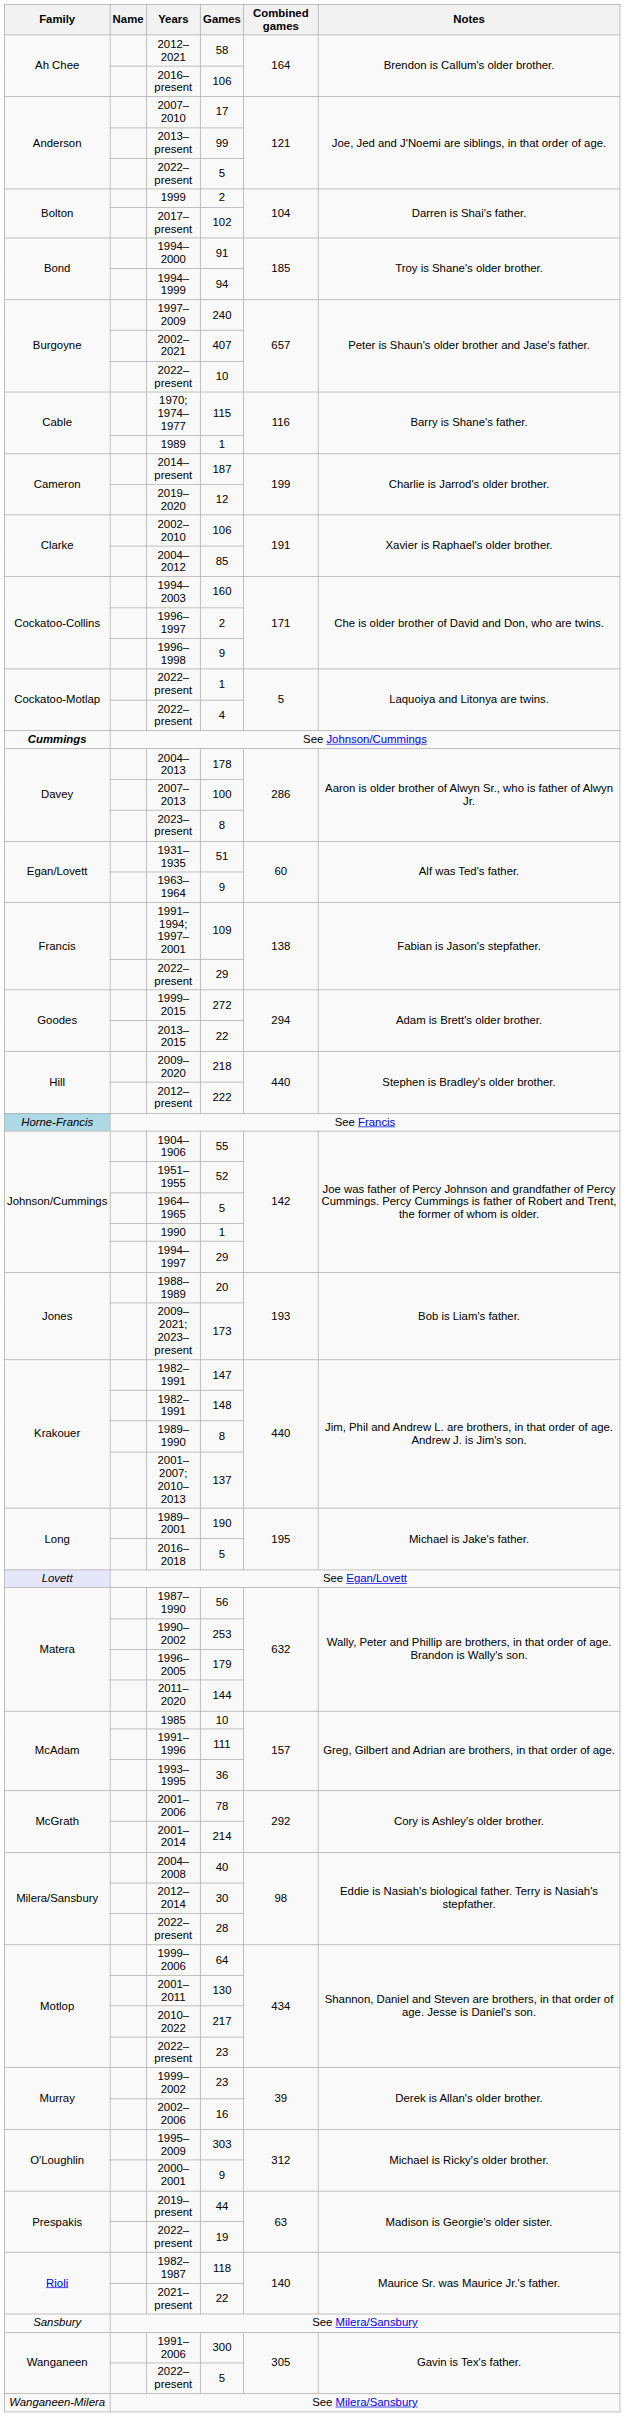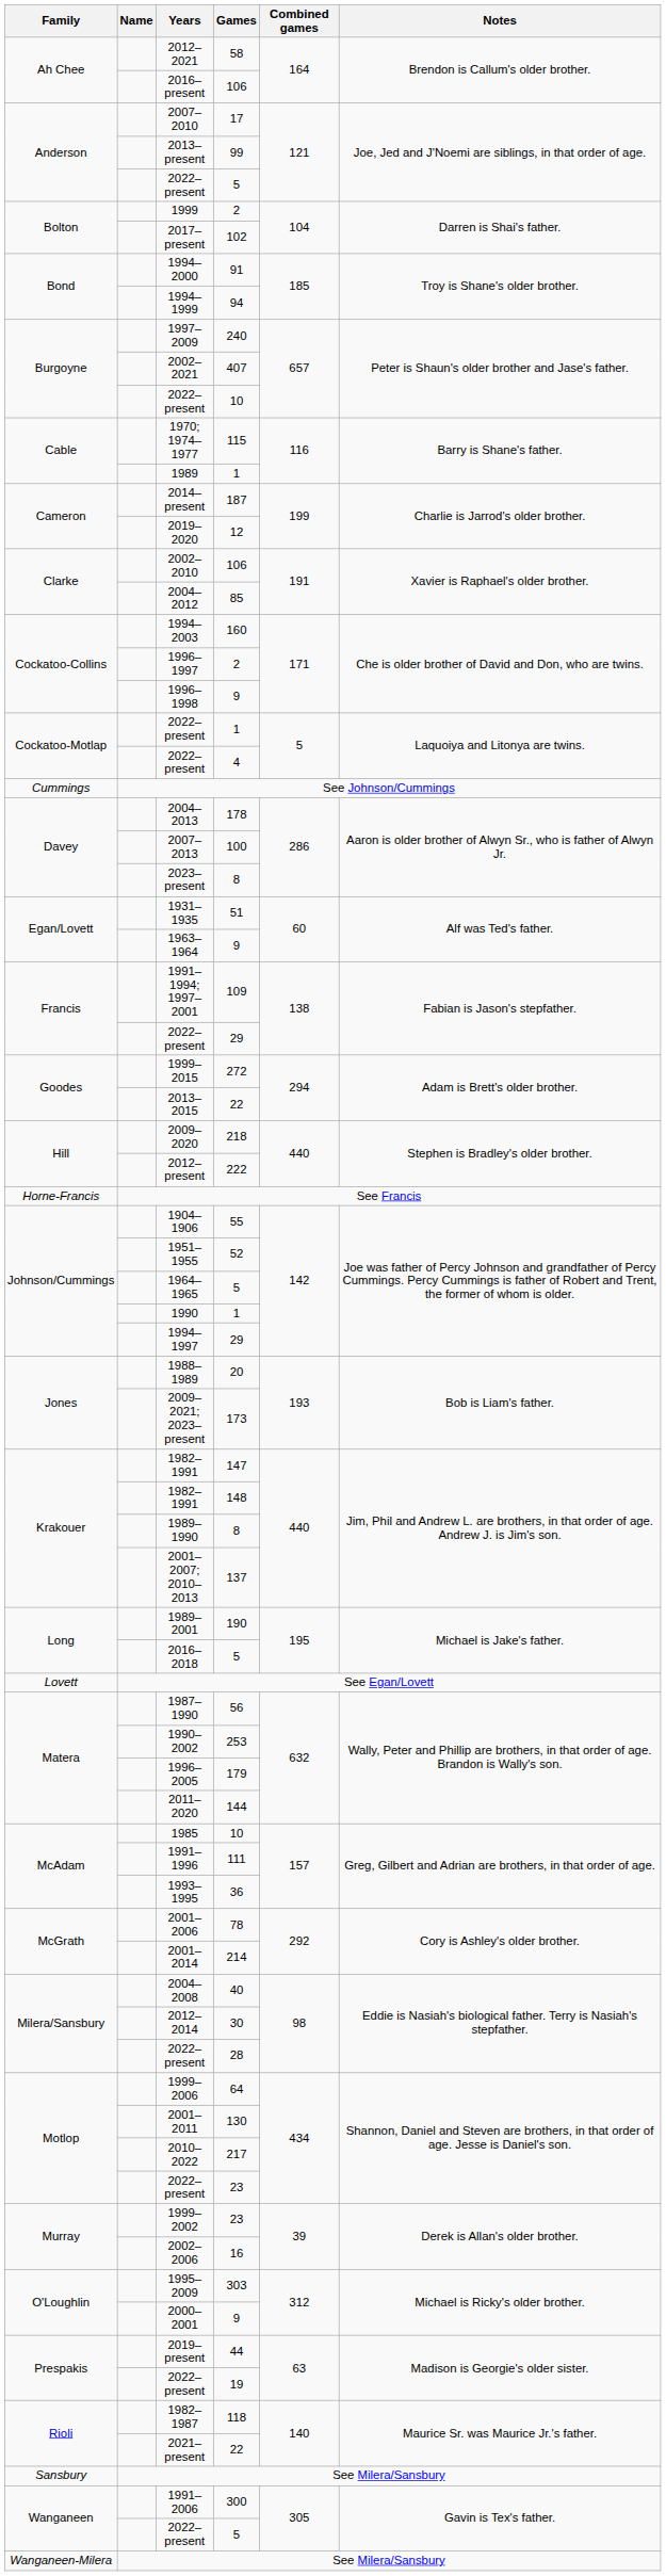 <table class="wikitable plainrowheaders sortable" style="text-align:center">
 <tr>
 <th scope="col">Family</th>
 <th scope="col">Name</th>
 <th scope="col">Years</th>
 <th scope="col">Games</th>
 <th scope="col">Combined games</th>
 <th scope="col" class="unsortable">Notes</th>
 </tr>
 <tr>
 <td rowspan="2">Ah Chee</td>
 <td></td>
 <td>2012–2021</td>
 <td>58</td>
 <td rowspan="2">164</td>
 <td rowspan="2">Brendon is Callum's older brother.</td>
 </tr>
 <tr>
 <td></td>
 <td>2016–present</td>
 <td>106</td>
 </tr>
 <tr>
 <td rowspan="3">Anderson</td>
 <td></td>
 <td>2007–2010</td>
 <td>17</td>
 <td rowspan="3">121</td>
 <td rowspan="3">Joe, Jed and J'Noemi are siblings, in that order of age.</td>
 </tr>
 <tr>
 <td></td>
 <td>2013–present</td>
 <td>99</td>
 </tr>
 <tr>
 <td></td>
 <td>2022–present</td>
 <td>5</td>
 </tr>
 <tr>
 <td rowspan="2">Bolton</td>
 <td></td>
 <td>1999</td>
 <td>2</td>
 <td rowspan="2">104</td>
 <td rowspan="2">Darren is Shai's father.</td>
 </tr>
 <tr>
 <td></td>
 <td>2017–present</td>
 <td>102</td>
 </tr>
 <tr>
 <td rowspan="2">Bond</td>
 <td></td>
 <td>1994–2000</td>
 <td>91</td>
 <td rowspan="2">185</td>
 <td rowspan="2">Troy is Shane's older brother.</td>
 </tr>
 <tr>
 <td></td>
 <td>1994–1999</td>
 <td>94</td>
 </tr>
 <tr>
 <td rowspan="3">Burgoyne</td>
 <td></td>
 <td>1997–2009</td>
 <td>240</td>
 <td rowspan="3">657</td>
 <td rowspan="3">Peter is Shaun's older brother and Jase's father.</td>
 </tr>
 <tr>
 <td></td>
 <td>2002–2021</td>
 <td>407</td>
 </tr>
 <tr>
 <td></td>
 <td>2022–present</td>
 <td>10</td>
 </tr>
 <tr>
 <td rowspan="2">Cable</td>
 <td></td>
 <td>1970;<br>1974–1977</td>
 <td>115</td>
 <td rowspan="2">116</td>
 <td rowspan="2">Barry is Shane's father.</td>
 </tr>
 <tr>
 <td></td>
 <td>1989</td>
 <td>1</td>
 </tr>
 <tr>
 <td rowspan="2">Cameron</td>
 <td></td>
 <td>2014–present</td>
 <td>187</td>
 <td rowspan="2">199</td>
 <td rowspan="2">Charlie is Jarrod's older brother.</td>
 </tr>
 <tr>
 <td></td>
 <td>2019–2020</td>
 <td>12</td>
 </tr>
 <tr>
 <td rowspan="2">Clarke</td>
 <td></td>
 <td>2002–2010</td>
 <td>106</td>
 <td rowspan="2">191</td>
 <td rowspan="2">Xavier is Raphael's older brother.</td>
 </tr>
 <tr>
 <td></td>
 <td>2004–2012</td>
 <td>85</td>
 </tr>
 <tr>
 <td rowspan="3">Cockatoo-Collins</td>
 <td></td>
 <td>1994–2003</td>
 <td>160</td>
 <td rowspan="3">171</td>
 <td rowspan="3">Che is older brother of David and Don, who are twins.</td>
 </tr>
 <tr>
 <td></td>
 <td>1996–1997</td>
 <td>2</td>
 </tr>
 <tr>
 <td></td>
 <td>1996–1998</td>
 <td>9</td>
 </tr>
 <tr>
 <td rowspan="2">Cockatoo-Motlap</td>
 <td></td>
 <td>2022–present</td>
 <td>1</td>
 <td rowspan="2">5</td>
 <td rowspan="2">Laquoiya and Litonya are twins.</td>
 </tr>
 <tr>
 <td></td>
 <td>2022–present</td>
 <td>4</td>
 </tr>
 <tr>
-<td><strong><em>Cummings</em></strong></td>
+<td><em>Cummings</em></td>
 <td colspan="5">See <a href='#'>Johnson/Cummings</a></td>
 </tr>
 <tr>
 <td rowspan="3">Davey</td>
 <td></td>
 <td>2004–2013</td>
 <td>178</td>
 <td rowspan="3">286</td>
 <td rowspan="3">Aaron is older brother of Alwyn Sr., who is father of Alwyn Jr.</td>
 </tr>
 <tr>
 <td></td>
 <td>2007–2013</td>
 <td>100</td>
 </tr>
 <tr>
 <td></td>
 <td>2023–present</td>
 <td>8</td>
 </tr>
 <tr id="Egan/Lovett family">
 <td rowspan="2">Egan/Lovett</td>
 <td></td>
 <td>1931–1935</td>
 <td>51</td>
 <td rowspan="2">60</td>
 <td rowspan="2">Alf was Ted's father.</td>
 </tr>
 <tr>
 <td></td>
 <td>1963–1964</td>
 <td>9</td>
 </tr>
 <tr id="Francis family">
 <td rowspan="2">Francis</td>
 <td></td>
 <td>1991–1994;<br>1997–2001</td>
 <td>109</td>
 <td rowspan="2">138</td>
 <td rowspan="2">Fabian is Jason's stepfather.</td>
 </tr>
 <tr>
 <td></td>
 <td>2022–present</td>
 <td>29</td>
 </tr>
 <tr>
 <td rowspan="2">Goodes</td>
 <td></td>
 <td>1999–2015</td>
 <td>272</td>
 <td rowspan="2">294</td>
 <td rowspan="2">Adam is Brett's older brother.</td>
 </tr>
 <tr>
 <td></td>
 <td>2013–2015</td>
 <td>22</td>
 </tr>
 <tr>
 <td rowspan="2">Hill</td>
 <td></td>
 <td>2009–2020</td>
 <td>218</td>
 <td rowspan="2">440</td>
 <td rowspan="2">Stephen is Bradley's older brother.</td>
 </tr>
 <tr>
 <td></td>
 <td>2012–present</td>
 <td>222</td>
 </tr>
 <tr>
-<td style="background: lightblue;"><em>Horne-Francis</em></td>
+<td><em>Horne-Francis</em></td>
 <td colspan="5">See <a href='#'>Francis</a></td>
 </tr>
 <tr id="Johnson/Cummings family">
 <td rowspan="5">Johnson/Cummings</td>
 <td></td>
 <td>1904–1906</td>
 <td>55</td>
 <td rowspan="5">142</td>
 <td rowspan="5">Joe was father of Percy Johnson and grandfather of Percy Cummings. Percy Cummings is father of Robert and Trent, the former of whom is older.</td>
 </tr>
 <tr>
 <td></td>
 <td>1951–1955</td>
 <td>52</td>
 </tr>
 <tr>
 <td></td>
 <td>1964–1965</td>
 <td>5</td>
 </tr>
 <tr>
 <td></td>
 <td>1990</td>
 <td>1</td>
 </tr>
 <tr>
 <td></td>
 <td>1994–1997</td>
 <td>29</td>
 </tr>
 <tr>
 <td rowspan="2">Jones</td>
 <td></td>
 <td>1988–1989</td>
 <td>20</td>
 <td rowspan="2">193</td>
 <td rowspan="2">Bob is Liam's father.</td>
 </tr>
 <tr>
 <td></td>
 <td>2009–2021;<br>2023–present</td>
 <td>173</td>
 </tr>
 <tr>
 <td rowspan="4">Krakouer</td>
 <td></td>
 <td>1982–1991</td>
 <td>147</td>
 <td rowspan="4">440</td>
 <td rowspan="4">Jim, Phil and Andrew L. are brothers, in that order of age. Andrew J. is Jim's son.</td>
 </tr>
 <tr>
 <td></td>
 <td>1982–1991</td>
 <td>148</td>
 </tr>
 <tr>
 <td></td>
 <td>1989–1990</td>
 <td>8</td>
 </tr>
 <tr>
 <td></td>
 <td>2001–2007;<br>2010–2013</td>
 <td>137</td>
 </tr>
 <tr>
 <td rowspan="2">Long</td>
 <td></td>
 <td>1989–2001</td>
 <td>190</td>
 <td rowspan="2">195</td>
 <td rowspan="2">Michael is Jake's father.</td>
 </tr>
 <tr>
 <td></td>
 <td>2016–2018</td>
 <td>5</td>
 </tr>
 <tr>
-<td style="background: lavender;"><em>Lovett</em></td>
+<td><em>Lovett</em></td>
 <td colspan="5">See <a href='#'>Egan/Lovett</a></td>
 </tr>
 <tr>
 <td rowspan="4">Matera</td>
 <td></td>
 <td>1987–1990</td>
 <td>56</td>
 <td rowspan="4">632</td>
 <td rowspan="4">Wally, Peter and Phillip are brothers, in that order of age. Brandon is Wally's son.</td>
 </tr>
 <tr>
 <td></td>
 <td>1990–2002</td>
 <td>253</td>
 </tr>
 <tr>
 <td></td>
 <td>1996–2005</td>
 <td>179</td>
 </tr>
 <tr>
 <td></td>
 <td>2011–2020</td>
 <td>144</td>
 </tr>
 <tr>
 <td rowspan="3">McAdam</td>
 <td></td>
 <td>1985</td>
 <td>10</td>
 <td rowspan="3">157</td>
 <td rowspan="3">Greg, Gilbert and Adrian are brothers, in that order of age.</td>
 </tr>
 <tr>
 <td></td>
 <td>1991–1996</td>
 <td>111</td>
 </tr>
 <tr>
 <td></td>
 <td>1993–1995</td>
 <td>36</td>
 </tr>
 <tr>
 <td rowspan="2">McGrath</td>
 <td></td>
 <td>2001–2006</td>
 <td>78</td>
 <td rowspan="2">292</td>
 <td rowspan="2">Cory is Ashley's older brother.</td>
 </tr>
 <tr>
 <td></td>
 <td>2001–2014</td>
 <td>214</td>
 </tr>
 <tr id="Milera/Sansbury family">
 <td rowspan="3">Milera/Sansbury</td>
 <td></td>
 <td>2004–2008</td>
 <td>40</td>
 <td rowspan="3">98</td>
 <td rowspan="3">Eddie is Nasiah's biological father. Terry is Nasiah's stepfather.</td>
 </tr>
 <tr>
 <td></td>
 <td>2012–2014</td>
 <td>30</td>
 </tr>
 <tr>
 <td></td>
 <td>2022–present</td>
 <td>28</td>
 </tr>
 <tr>
 <td rowspan="4">Motlop</td>
 <td></td>
 <td>1999–2006</td>
 <td>64</td>
 <td rowspan="4">434</td>
 <td rowspan="4">Shannon, Daniel and Steven are brothers, in that order of age. Jesse is Daniel's son.</td>
 </tr>
 <tr>
 <td></td>
 <td>2001–2011</td>
 <td>130</td>
 </tr>
 <tr>
 <td></td>
 <td>2010–2022</td>
 <td>217</td>
 </tr>
 <tr>
 <td></td>
 <td>2022–present</td>
 <td>23</td>
 </tr>
 <tr>
 <td rowspan="2">Murray</td>
 <td></td>
 <td>1999–2002</td>
 <td>23</td>
 <td rowspan="2">39</td>
 <td rowspan="2">Derek is Allan's older brother.</td>
 </tr>
 <tr>
 <td></td>
 <td>2002–2006</td>
 <td>16</td>
 </tr>
 <tr>
 <td rowspan="2">O'Loughlin</td>
 <td></td>
 <td>1995–2009</td>
 <td>303</td>
 <td rowspan="2">312</td>
 <td rowspan="2">Michael is Ricky's older brother.</td>
 </tr>
 <tr>
 <td></td>
 <td>2000–2001</td>
 <td>9</td>
 </tr>
 <tr>
 <td rowspan="2">Prespakis</td>
 <td></td>
 <td>2019–present</td>
 <td>44</td>
 <td rowspan="2">63</td>
 <td rowspan="2">Madison is Georgie's older sister.</td>
 </tr>
 <tr>
 <td></td>
 <td>2022–present</td>
 <td>19</td>
 </tr>
 <tr>
 <td rowspan="2"><a href='#'>Rioli</a></td>
 <td></td>
 <td>1982–1987</td>
 <td>118</td>
 <td rowspan="2">140</td>
 <td rowspan="2"> Maurice Sr. was Maurice Jr.'s father.</td>
 </tr>
 <tr>
 <td></td>
 <td>2021–present</td>
 <td>22</td>
 </tr>
 <tr>
 <td><em>Sansbury</em></td>
 <td colspan="5">See <a href='#'>Milera/Sansbury</a></td>
 </tr>
 <tr>
 <td rowspan="2">Wanganeen</td>
 <td></td>
 <td>1991–2006</td>
 <td>300</td>
 <td rowspan="2">305</td>
 <td rowspan="2">Gavin is Tex's father.</td>
 </tr>
 <tr>
 <td></td>
 <td>2022–present</td>
 <td>5</td>
 </tr>
 <tr>
 <td><em>Wanganeen-Milera</em></td>
 <td colspan="5">See <a href='#'>Milera/Sansbury</a></td>
 </tr>
 </table>
